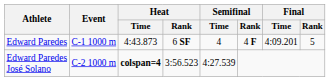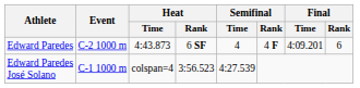 <table class=wikitable style=font-size:90%;text-align:center>
 <tr>
 <th rowspan=2>Athlete</th>
 <th rowspan=2>Event</th>
 <th colspan=2>Heat</th>
 <th colspan=2>Semifinal</th>
 <th colspan=2>Final</th>
 </tr>
 <tr style=font-size:95%>
 <th>Time</th>
 <th>Rank</th>
 <th>Time</th>
 <th>Rank</th>
 <th>Time</th>
 <th>Rank</th>
 </tr>
 <tr>
 <td align=left><a href='#'>Edward Paredes</a></td>
-<td align=left><a href='#'>C-1 1000 m</a></td>
+<td align=left><a href='#'>C-2 1000 m</a></td>
 <td>4:43.873</td>
 <td>6 <strong>SF</strong></td>
 <td>4</td>
 <td>4 <strong>F</strong></td>
 <td>4:09.201</td>
-<td>5</td>
+<td>6</td>
 </tr>
 <tr>
 <td align=left><a href='#'>Edward Paredes</a><br><a href='#'>José Solano</a></td>
-<td align=left><a href='#'>C-2 1000 m</a></td>
-<td><strong>colspan=4 </strong></td>
+<td align=left><a href='#'>C-1 1000 m</a></td>
+<td>colspan=4 </td>
 <td>3:56.523</td>
 <td>4:27.539</td>
 </tr>
 </table>
